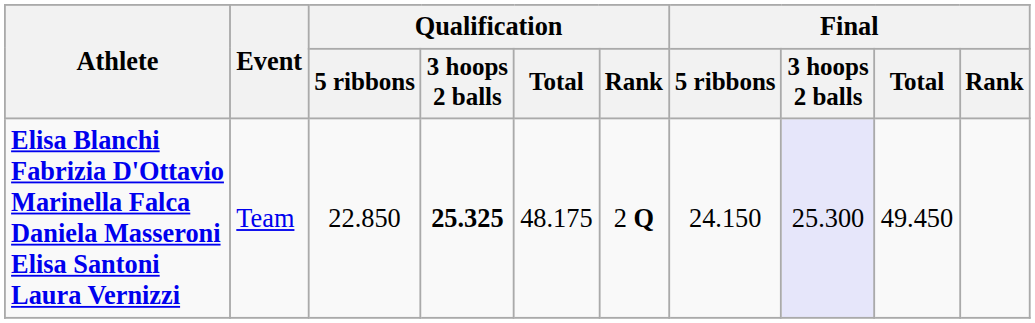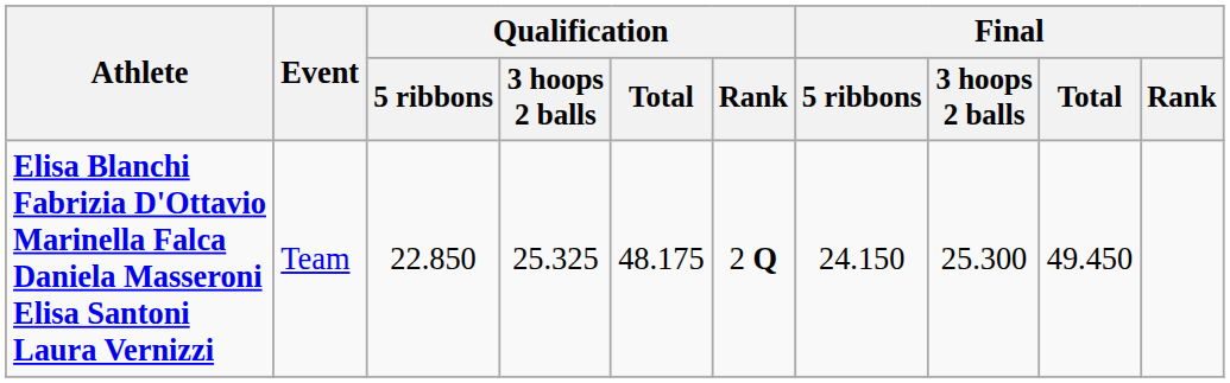 <table class="wikitable" style="font-size:90%">
 <tr>
 <th rowspan="2">Athlete</th>
 <th rowspan="2">Event</th>
 <th colspan="4">Qualification</th>
 <th colspan="4">Final</th>
 </tr>
 <tr style="font-size:95%">
 <th>5 ribbons</th>
 <th>3 hoops <br>2 balls</th>
 <th>Total</th>
 <th>Rank</th>
 <th>5 ribbons</th>
 <th>3 hoops <br>2 balls</th>
 <th>Total</th>
 <th>Rank</th>
 </tr>
 <tr align=center>
 <td align=left><strong><a href='#'>Elisa Blanchi</a><br><a href='#'>Fabrizia D'Ottavio</a><br><a href='#'>Marinella Falca</a><br><a href='#'>Daniela Masseroni</a><br><a href='#'>Elisa Santoni</a><br><a href='#'>Laura Vernizzi</a></strong></td>
 <td align=left><a href='#'>Team</a></td>
 <td>22.850</td>
-<td><strong>25.325</strong></td>
+<td>25.325</td>
 <td>48.175</td>
 <td>2 <strong>Q</strong></td>
 <td>24.150</td>
-<td style="background: lavender;">25.300</td>
+<td>25.300</td>
 <td>49.450</td>
 <td></td>
 </tr>
 </table>
